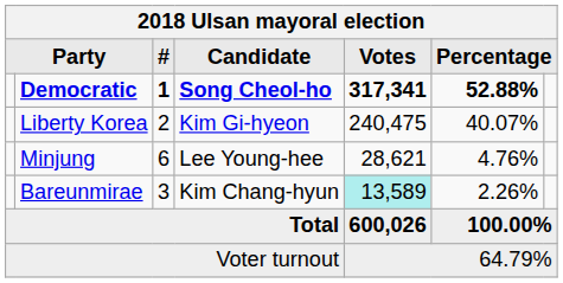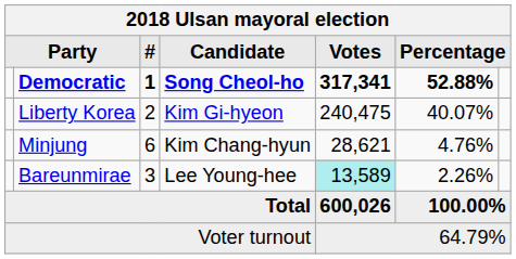 <table class="wikitable">
 <tr>
 <th colspan="7">2018 Ulsan mayoral election</th>
 </tr>
 <tr>
 <th style="background-color:#E9E9E9" colspan=2>Party</th>
 <th style="background-color:#E9E9E9">#</th>
 <th style="background-color:#E9E9E9">Candidate</th>
 <th style="background-color:#E9E9E9">Votes</th>
 <th style="background-color:#E9E9E9" colspan=2>Percentage</th>
 </tr>
 <tr style="font-weight:bold">
 <td></td>
 <td align=left><a href='#'>Democratic</a></td>
 <td align=center>1</td>
 <td align=left><a href='#'>Song Cheol-ho</a></td>
 <td align=right>317,341</td>
 <td align=right>52.88%</td>
 <td align=right></td>
 </tr>
 <tr>
 <td></td>
 <td align=left><a href='#'>Liberty Korea</a></td>
 <td align=center>2</td>
 <td align=left><a href='#'>Kim Gi-hyeon</a></td>
 <td align=right>240,475</td>
 <td align=right>40.07%</td>
 <td align=right></td>
 </tr>
 <tr>
 <td></td>
 <td align=left><a href='#'>Minjung</a></td>
 <td align=center>6</td>
-<td align=left>Lee Young-hee</td>
+<td align=left>Kim Chang-hyun</td>
 <td align=right>28,621</td>
 <td align=right>4.76%</td>
 <td align=right></td>
 </tr>
 <tr>
 <td></td>
 <td align=left><a href='#'>Bareunmirae</a></td>
 <td align=center>3</td>
-<td align=left>Kim Chang-hyun</td>
+<td align=left>Lee Young-hee</td>
 <td align=right style="background: paleturquoise;">13,589</td>
 <td align=right>2.26%</td>
 <td align=right></td>
 </tr>
 <tr bgcolor="#EEEEEE" style="font-weight:bold">
 <td colspan="4" align=right>Total</td>
 <td align=right>600,026</td>
 <td align=right colspan=2>100.00%</td>
 </tr>
 <tr bgcolor="#EEEEEE">
 <td colspan="4" align="right">Voter turnout</td>
 <td colspan="3" align="right">64.79%</td>
 </tr>
 </table>
